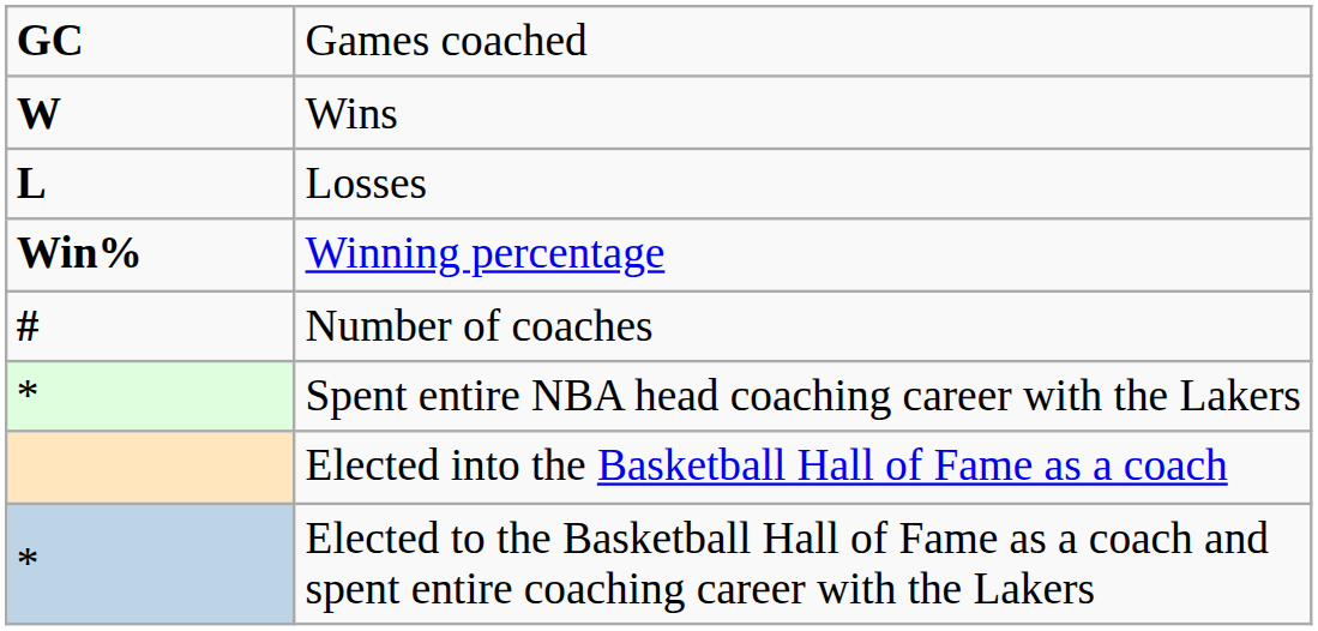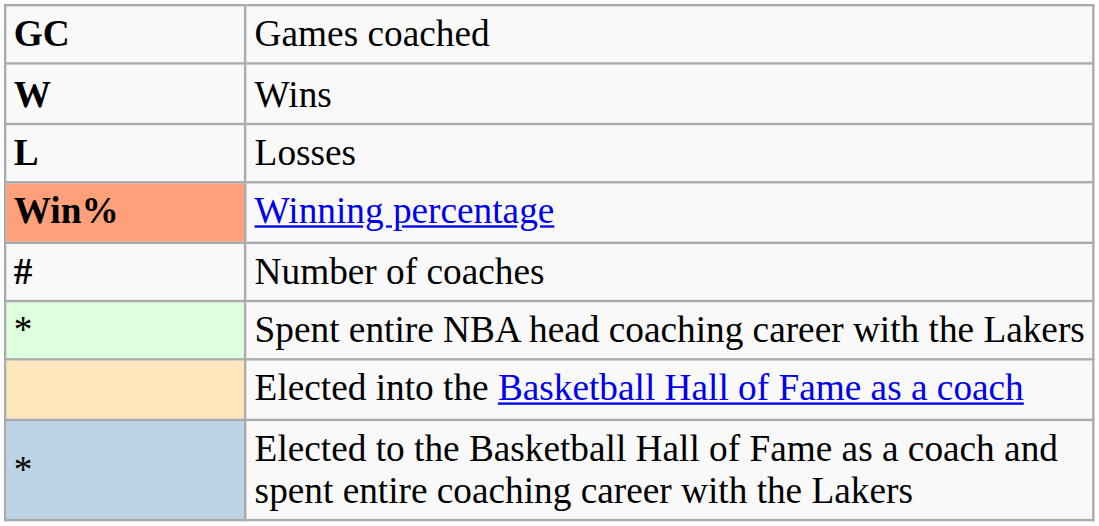 <table class="wikitable">
 <tr>
 <td><strong>GC</strong></td>
 <td>Games coached</td>
 </tr>
 <tr>
 <td><strong>W</strong></td>
 <td>Wins</td>
 </tr>
 <tr>
 <td><strong>L</strong></td>
 <td>Losses</td>
 </tr>
 <tr>
-<td><strong>Win%</strong></td>
+<td style="background: lightsalmon;"><strong>Win%</strong></td>
 <td><a href='#'>Winning percentage</a></td>
 </tr>
 <tr>
 <td><strong>#</strong></td>
 <td>Number of coaches</td>
 </tr>
 <tr>
 <td style="background-color:#ddffdd; width:6em">*</td>
 <td>Spent entire NBA head coaching career with the Lakers</td>
 </tr>
 <tr>
 <td style="background-color:#FFE6BD; width:6em"></td>
 <td>Elected into the <a href='#'>Basketball Hall of Fame as a coach</a></td>
 </tr>
 <tr>
 <td style="background-color:#BCD4E6">*</td>
 <td>Elected to the Basketball Hall of Fame as a coach and<br>spent entire coaching career with the Lakers</td>
 </tr>
 </table>
